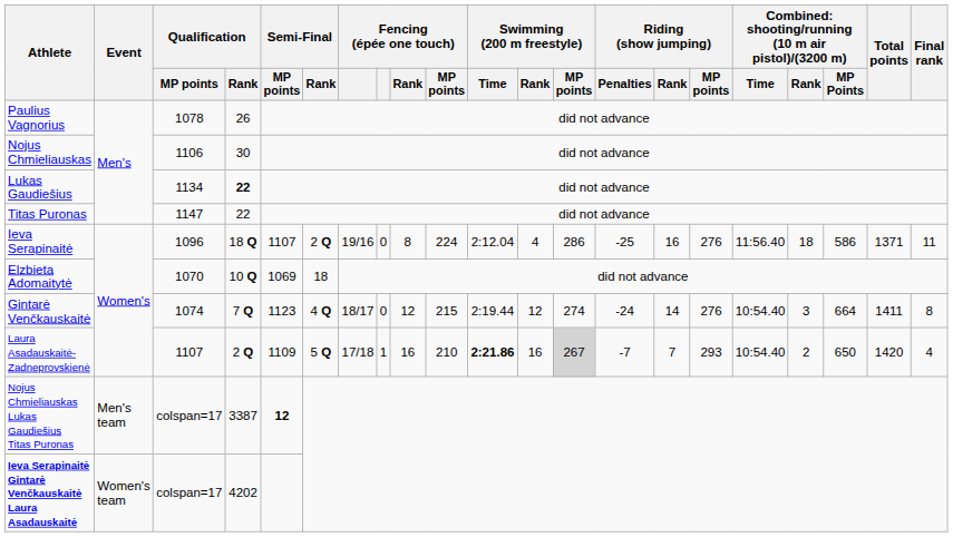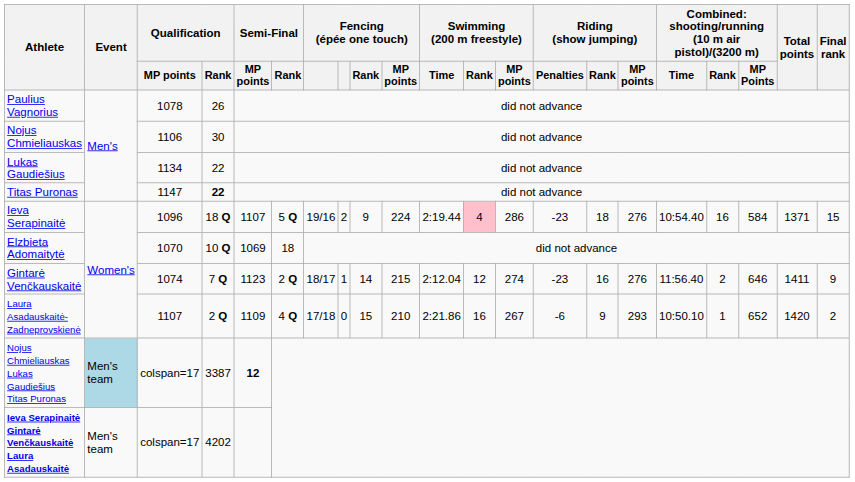 <table class="wikitable" style="font-size:90%;text-align:center;">
 <tr>
 <th rowspan="2">Athlete</th>
 <th rowspan="2">Event</th>
 <th colspan="2">Qualification</th>
 <th colspan="2">Semi-Final</th>
 <th colspan="4">Fencing<br><span>(épée one touch)</span></th>
 <th colspan="3">Swimming<br><span>(200 m freestyle)</span></th>
 <th colspan="3">Riding<br><span>(show jumping)</span></th>
 <th colspan="3">Combined: shooting/running<br><span>(10 m air pistol)/(3200 m)</span></th>
 <th rowspan="2">Total points</th>
 <th rowspan="2">Final rank</th>
 </tr>
 <tr style="font-size:95%">
 <th>MP points</th>
 <th>Rank</th>
 <th>MP points</th>
 <th>Rank</th>
 <th></th>
 <th></th>
 <th>Rank</th>
 <th>MP points</th>
 <th>Time</th>
 <th>Rank</th>
 <th>MP points</th>
 <th>Penalties</th>
 <th>Rank</th>
 <th>MP points</th>
 <th>Time</th>
 <th>Rank</th>
 <th>MP Points</th>
 </tr>
 <tr>
 <td align="left"><a href='#'>Paulius Vagnorius</a></td>
 <td rowspan="4" align="left"><a href='#'>Men's</a></td>
 <td>1078</td>
 <td>26</td>
 <td colspan=17>did not advance</td>
 </tr>
 <tr>
 <td align="left"><a href='#'>Nojus Chmieliauskas</a></td>
 <td>1106</td>
 <td>30</td>
 <td colspan=17>did not advance</td>
 </tr>
 <tr>
 <td align="left"><a href='#'>Lukas Gaudiešius</a></td>
 <td>1134</td>
-<td><strong>22</strong></td>
+<td>22</td>
 <td colspan=17>did not advance</td>
 </tr>
 <tr>
 <td align="left"><a href='#'>Titas Puronas</a></td>
 <td>1147</td>
-<td>22</td>
+<td><strong>22</strong></td>
 <td colspan=17>did not advance</td>
 </tr>
 <tr>
 <td align="left"><a href='#'>Ieva Serapinaitė</a></td>
 <td rowspan="4" align="left"><a href='#'>Women's</a></td>
 <td>1096</td>
 <td>18 <strong>Q</strong></td>
 <td>1107</td>
-<td>2 <strong>Q</strong></td>
+<td>5 <strong>Q</strong></td>
 <td>19/16</td>
-<td>0</td>
-<td>8</td>
+<td>2</td>
+<td>9</td>
 <td>224</td>
-<td>2:12.04</td>
-<td>4</td>
+<td>2:19.44</td>
+<td style="background: pink;">4</td>
 <td>286</td>
-<td>-25</td>
+<td>-23</td>
+<td>18</td>
+<td>276</td>
+<td>10:54.40</td>
 <td>16</td>
-<td>276</td>
-<td>11:56.40</td>
-<td>18</td>
-<td>586</td>
+<td>584</td>
 <td>1371</td>
-<td>11</td>
+<td>15</td>
 </tr>
 <tr>
 <td align="left"><a href='#'>Elzbieta Adomaitytė</a></td>
 <td>1070</td>
 <td>10 <strong>Q</strong></td>
 <td>1069</td>
 <td>18</td>
 <td colspan=15>did not advance</td>
 </tr>
 <tr>
 <td align="left"><a href='#'>Gintarė Venčkauskaitė</a></td>
 <td>1074</td>
 <td>7 <strong>Q</strong></td>
 <td>1123</td>
-<td>4 <strong>Q</strong></td>
+<td>2 <strong>Q</strong></td>
 <td>18/17</td>
-<td>0</td>
-<td>12</td>
+<td>1</td>
+<td>14</td>
 <td>215</td>
-<td>2:19.44</td>
+<td>2:12.04</td>
 <td>12</td>
 <td>274</td>
-<td>-24</td>
-<td>14</td>
+<td>-23</td>
+<td>16</td>
 <td>276</td>
-<td>10:54.40</td>
-<td>3</td>
-<td>664</td>
+<td>11:56.40</td>
+<td>2</td>
+<td>646</td>
 <td>1411</td>
-<td>8</td>
+<td>9</td>
 </tr>
 <tr>
 <td align="left"><small><a href='#'>Laura Asadauskaitė-Zadneprovskienė</a></small></td>
 <td>1107</td>
 <td>2 <strong>Q</strong></td>
 <td>1109</td>
-<td>5 <strong>Q</strong></td>
+<td>4 <strong>Q</strong></td>
 <td>17/18</td>
+<td>0</td>
+<td>15</td>
+<td>210</td>
+<td>2:21.86</td>
+<td>16</td>
+<td>267</td>
+<td>-6</td>
+<td>9</td>
+<td>293</td>
+<td>10:50.10</td>
 <td>1</td>
-<td>16</td>
-<td>210</td>
-<td><strong>2:21.86</strong></td>
-<td>16</td>
-<td style="background: lightgrey;">267</td>
-<td>-7</td>
-<td>7</td>
-<td>293</td>
-<td>10:54.40</td>
+<td>652</td>
+<td>1420</td>
 <td>2</td>
-<td>650</td>
-<td>1420</td>
-<td>4</td>
 </tr>
 <tr>
 <td align="left"><small><a href='#'>Nojus Chmieliauskas</a><br><a href='#'>Lukas Gaudiešius</a><br><a href='#'>Titas Puronas</a></small></td>
-<td align="left">Men's team</td>
+<td align="left" style="background: lightblue;">Men's team</td>
 <td>colspan=17  </td>
 <td>3387</td>
 <td><strong>12</strong></td>
 </tr>
 <tr>
 <td align="left"><strong><small><a href='#'>Ieva Serapinaitė</a><br><a href='#'>Gintarė Venčkauskaitė</a><br><a href='#'>Laura Asadauskaitė</a></small></strong></td>
-<td align="left">Women's team</td>
+<td align="left">Men's team</td>
 <td>colspan=17  </td>
 <td>4202</td>
 <td></td>
 </tr>
 </table>
